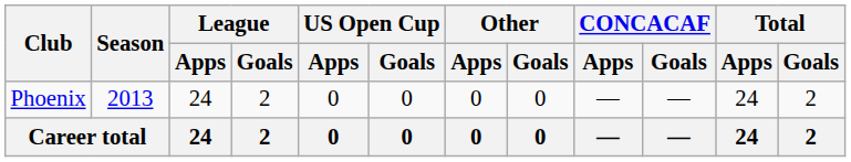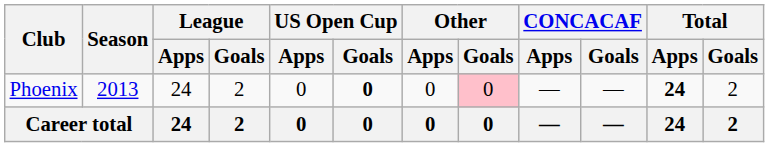 <table class="wikitable" style="font-size:90%; text-align:center;">
 <tr>
 <th rowspan="2">Club</th>
 <th rowspan="2">Season</th>
 <th colspan="2">League</th>
 <th colspan="2">US Open Cup</th>
 <th colspan="2">Other</th>
 <th colspan="2"><a href='#'>CONCACAF</a></th>
 <th colspan="2">Total</th>
 </tr>
 <tr>
 <th>Apps</th>
 <th>Goals</th>
 <th>Apps</th>
 <th>Goals</th>
 <th>Apps</th>
 <th>Goals</th>
 <th>Apps</th>
 <th>Goals</th>
 <th>Apps</th>
 <th>Goals</th>
 </tr>
 <tr>
 <td rowspan="1"><a href='#'>Phoenix</a></td>
 <td><a href='#'>2013</a></td>
 <td>24</td>
 <td>2</td>
 <td>0</td>
+<td><strong>0</strong></td>
 <td>0</td>
-<td>0</td>
-<td>0</td>
+<td style="background: pink;">0</td>
 <td>—</td>
 <td>—</td>
-<td>24</td>
+<td><strong>24</strong></td>
 <td>2</td>
 </tr>
 <tr>
 <th colspan="2">Career total</th>
 <th>24</th>
 <th>2</th>
 <th>0</th>
 <th>0</th>
 <th>0</th>
 <th>0</th>
 <th>—</th>
 <th>—</th>
 <th>24</th>
 <th>2</th>
 </tr>
 </table>
